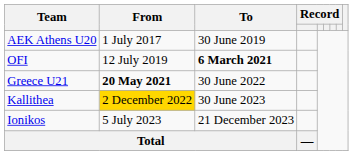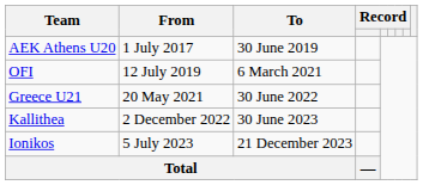 <table class=wikitable style="text-align: center">
 <tr>
 <th rowspan=2>Team</th>
 <th rowspan=2>From</th>
 <th rowspan=2>To</th>
 <th colspan=5>Record</th>
 <th rowspan=2></th>
 </tr>
 <tr>
 <th></th>
 <th></th>
 <th></th>
 <th></th>
 <th></th>
 </tr>
 <tr>
 <td align=left><a href='#'>AEK Athens U20</a></td>
 <td align=left>1 July 2017</td>
 <td align=left>30 June 2019<br></td>
 <td></td>
 </tr>
 <tr>
 <td align=left><a href='#'>OFI</a></td>
 <td align=left>12 July 2019</td>
-<td align=left><strong>6 Μarch 2021<br></strong></td>
+<td align=left>6 Μarch 2021<br></td>
 <td></td>
 </tr>
 <tr>
 <td align=left><a href='#'>Greece U21</a></td>
-<td align=left><strong>20 May 2021</strong></td>
+<td align=left>20 May 2021</td>
 <td align=left>30 June 2022<br></td>
 <td></td>
 </tr>
 <tr>
 <td align=left><a href='#'>Kallithea</a></td>
-<td align=left style="background: gold;">2 December 2022</td>
+<td align=left>2 December 2022</td>
 <td align=left>30 June 2023<br></td>
 <td></td>
 </tr>
 <tr>
 <td align=left><a href='#'>Ionikos</a></td>
 <td align=left>5 July 2023</td>
 <td align=left>21 December 2023<br></td>
 <td></td>
 </tr>
 <tr>
 <th colspan=3>Total<br></th>
 <th>—</th>
 </tr>
 </table>
